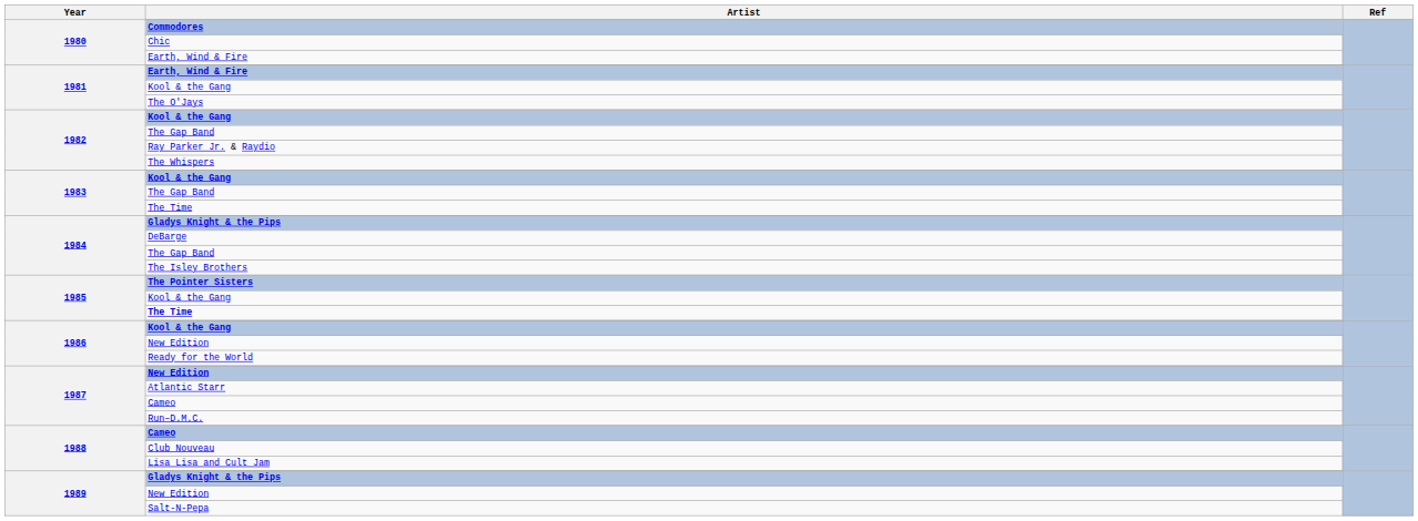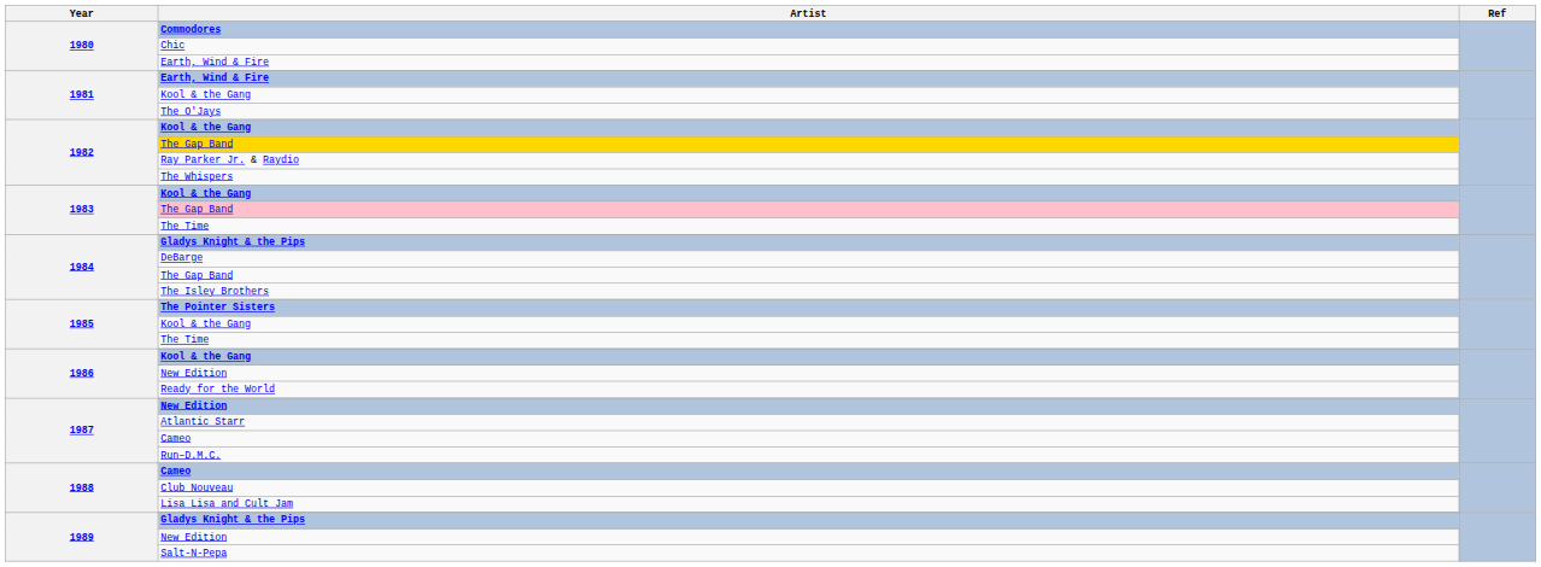 <table class="wikitable" width="100%">
 <tr>
 <th width="10%">Year</th>
 <th width="85%">Artist</th>
 <th width="5%">Ref</th>
 </tr>
 <tr>
 <th rowspan="4" align="center"><a href='#'>1980<br></a></th>
 </tr>
 <tr style="background:#B0C4DE">
 <td><strong><a href='#'>Commodores</a></strong></td>
 <td rowspan="4" align="center"></td>
 </tr>
 <tr>
 <td><a href='#'>Chic</a></td>
 </tr>
 <tr>
 <td><a href='#'>Earth, Wind & Fire</a></td>
 </tr>
 <tr>
 <th rowspan="4" align="center"><a href='#'>1981<br></a></th>
 </tr>
 <tr style="background:#B0C4DE">
 <td><strong><a href='#'>Earth, Wind & Fire</a></strong></td>
 <td rowspan="4" align="center"></td>
 </tr>
 <tr>
 <td><a href='#'>Kool & the Gang</a></td>
 </tr>
 <tr>
 <td><a href='#'>The O'Jays</a></td>
 </tr>
 <tr>
 <th rowspan="5" align="center"><a href='#'>1982<br></a></th>
 </tr>
 <tr style="background:#B0C4DE">
 <td><strong><a href='#'>Kool & the Gang</a></strong></td>
 <td rowspan="5" align="center"></td>
 </tr>
 <tr>
-<td><a href='#'>The Gap Band</a></td>
+<td style="background: gold;"><a href='#'>The Gap Band</a></td>
 </tr>
 <tr>
 <td><a href='#'>Ray Parker Jr.</a> & <a href='#'>Raydio</a></td>
 </tr>
 <tr>
 <td><a href='#'>The Whispers</a></td>
 </tr>
 <tr>
 <th rowspan="4" align="center"><a href='#'>1983<br></a></th>
 </tr>
 <tr style="background:#B0C4DE">
 <td><strong><a href='#'>Kool & the Gang</a></strong></td>
 <td rowspan="4" align="center"></td>
 </tr>
 <tr>
-<td><a href='#'>The Gap Band</a></td>
+<td style="background: pink;"><a href='#'>The Gap Band</a></td>
 </tr>
 <tr>
 <td><a href='#'>The Time</a></td>
 </tr>
 <tr>
 <th rowspan="5" align="center"><a href='#'>1984<br></a></th>
 </tr>
 <tr style="background:#B0C4DE">
 <td><strong><a href='#'>Gladys Knight & the Pips</a></strong></td>
 <td rowspan="5" align="center"></td>
 </tr>
 <tr>
 <td><a href='#'>DeBarge</a></td>
 </tr>
 <tr>
 <td><a href='#'>The Gap Band</a></td>
 </tr>
 <tr>
 <td><a href='#'>The Isley Brothers</a></td>
 </tr>
 <tr>
 <th rowspan="4" align="center"><a href='#'>1985<br></a></th>
 </tr>
 <tr style="background:#B0C4DE">
 <td><strong><a href='#'>The Pointer Sisters</a></strong></td>
 <td rowspan="4" align="center"></td>
 </tr>
 <tr>
 <td><a href='#'>Kool & the Gang</a></td>
 </tr>
 <tr>
-<td><strong><a href='#'>The Time</a></strong></td>
+<td><a href='#'>The Time</a></td>
 </tr>
 <tr>
 <th rowspan="4" align="center"><a href='#'>1986<br></a></th>
 </tr>
 <tr style="background:#B0C4DE">
 <td><strong><a href='#'>Kool & the Gang</a></strong></td>
 <td rowspan="4" align="center"></td>
 </tr>
 <tr>
 <td><a href='#'>New Edition</a></td>
 </tr>
 <tr>
 <td><a href='#'>Ready for the World</a></td>
 </tr>
 <tr>
 <th rowspan="5" align="center"><a href='#'>1987<br></a></th>
 </tr>
 <tr style="background:#B0C4DE">
 <td><strong><a href='#'>New Edition</a></strong></td>
 <td rowspan="5" align="center"></td>
 </tr>
 <tr>
 <td><a href='#'>Atlantic Starr</a></td>
 </tr>
 <tr>
 <td><a href='#'>Cameo</a></td>
 </tr>
 <tr>
 <td><a href='#'>Run–D.M.C.</a></td>
 </tr>
 <tr>
 <th rowspan="4" align="center"><a href='#'>1988<br></a></th>
 </tr>
 <tr style="background:#B0C4DE">
 <td><strong><a href='#'>Cameo</a></strong></td>
 <td rowspan="4" align="center"></td>
 </tr>
 <tr>
 <td><a href='#'>Club Nouveau</a></td>
 </tr>
 <tr>
 <td><a href='#'>Lisa Lisa and Cult Jam</a></td>
 </tr>
 <tr>
 <th rowspan="4" align="center"><a href='#'>1989<br></a></th>
 </tr>
 <tr style="background:#B0C4DE">
 <td><strong><a href='#'>Gladys Knight & the Pips</a></strong></td>
 <td rowspan="4" align="center"></td>
 </tr>
 <tr>
 <td><a href='#'>New Edition</a></td>
 </tr>
 <tr>
 <td><a href='#'>Salt-N-Pepa</a></td>
 </tr>
 </table>
